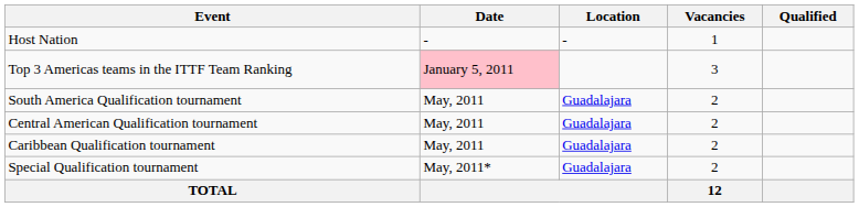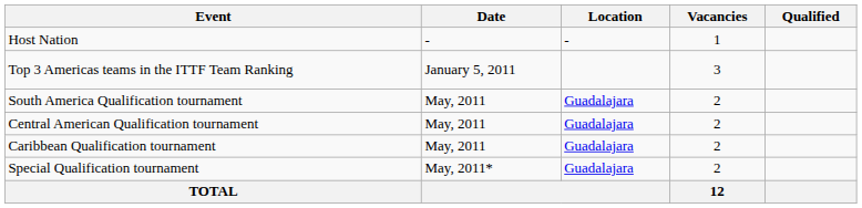 <table class="wikitable" width=950>
 <tr>
 <th>Event</th>
 <th>Date</th>
 <th>Location</th>
 <th>Vacancies</th>
 <th>Qualified</th>
 </tr>
 <tr>
 <td>Host Nation</td>
 <td>-</td>
 <td>-</td>
 <td align=center>1</td>
 <td></td>
 </tr>
 <tr>
 <td>Top 3 Americas teams in the ITTF Team Ranking</td>
-<td style="background: pink;">January 5, 2011</td>
+<td>January 5, 2011</td>
 <td></td>
 <td align=center>3</td>
 <td>  <br>  <br> </td>
 </tr>
 <tr>
 <td>South America Qualification tournament</td>
 <td>May, 2011</td>
 <td> <a href='#'>Guadalajara</a></td>
 <td align=center>2</td>
 <td>  <br> </td>
 </tr>
 <tr>
 <td>Central American Qualification tournament</td>
 <td>May, 2011</td>
 <td> <a href='#'>Guadalajara</a></td>
 <td align=center>2</td>
 <td>  <br> </td>
 </tr>
 <tr>
 <td>Caribbean Qualification tournament</td>
 <td>May, 2011</td>
 <td> <a href='#'>Guadalajara</a></td>
 <td align=center>2</td>
 <td>  <br> </td>
 </tr>
 <tr>
 <td>Special Qualification tournament</td>
 <td>May, 2011*</td>
 <td> <a href='#'>Guadalajara</a></td>
 <td align=center>2</td>
 <td>  <br> </td>
 </tr>
 <tr>
 <th>TOTAL</th>
 <th colspan="2"></th>
 <th>12</th>
 <th></th>
 </tr>
 </table>
